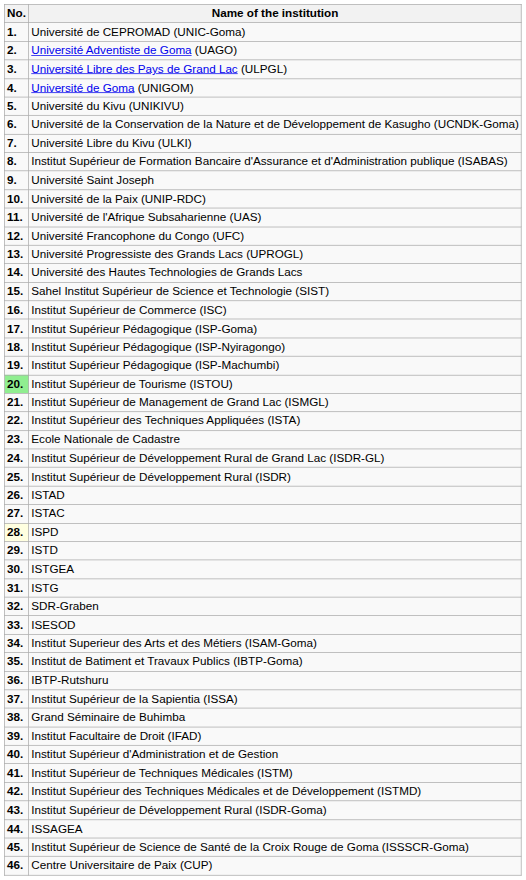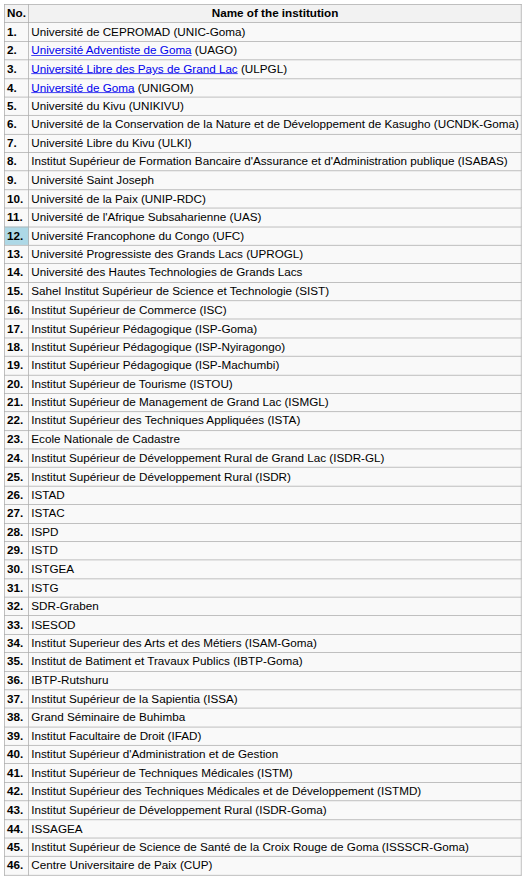 <table class="wikitable">
 <tr>
 <th>No.</th>
 <th>Name of the institution</th>
 </tr>
 <tr>
 <td><strong>1.</strong></td>
 <td>Université de CEPROMAD (UNIC-Goma)</td>
 </tr>
 <tr>
 <td><strong>2.</strong></td>
 <td><a href='#'>Université Adventiste de Goma</a> (UAGO)</td>
 </tr>
 <tr>
 <td><strong>3.</strong></td>
 <td><a href='#'>Université Libre des Pays de Grand Lac</a> (ULPGL)</td>
 </tr>
 <tr>
 <td><strong>4.</strong></td>
 <td><a href='#'>Université de Goma</a> (UNIGOM)</td>
 </tr>
 <tr>
 <td><strong>5.</strong></td>
 <td>Université du Kivu (UNIKIVU)</td>
 </tr>
 <tr>
 <td><strong>6.</strong></td>
 <td>Université de la Conservation de la Nature et de Développement de Kasugho (UCNDK-Goma)</td>
 </tr>
 <tr>
 <td><strong>7.</strong></td>
 <td>Université Libre du Kivu (ULKI)</td>
 </tr>
 <tr>
 <td><strong>8.</strong></td>
 <td>Institut Supérieur de Formation Bancaire d'Assurance et d'Administration publique (ISABAS)</td>
 </tr>
 <tr>
 <td><strong>9.</strong></td>
 <td>Université Saint Joseph</td>
 </tr>
 <tr>
 <td><strong>10.</strong></td>
 <td>Université de la Paix (UNIP-RDC)</td>
 </tr>
 <tr>
 <td><strong>11.</strong></td>
 <td>Université de l'Afrique Subsaharienne (UAS)</td>
 </tr>
 <tr>
-<td><strong>12.</strong></td>
+<td style="background: lightblue;"><strong>12.</strong></td>
 <td>Université Francophone du Congo (UFC)</td>
 </tr>
 <tr>
 <td><strong>13.</strong></td>
 <td>Université Progressiste des Grands Lacs (UPROGL)</td>
 </tr>
 <tr>
 <td><strong>14.</strong></td>
 <td>Université des Hautes Technologies de Grands Lacs</td>
 </tr>
 <tr>
 <td><strong>15.</strong></td>
 <td>Sahel Institut Supérieur de Science et Technologie (SIST)</td>
 </tr>
 <tr>
 <td><strong>16.</strong></td>
 <td>Institut Supérieur de Commerce (ISC)</td>
 </tr>
 <tr>
 <td><strong>17.</strong></td>
 <td>Institut Supérieur Pédagogique (ISP-Goma)</td>
 </tr>
 <tr>
 <td><strong>18.</strong></td>
 <td>Institut Supérieur Pédagogique (ISP-Nyiragongo)</td>
 </tr>
 <tr>
 <td><strong>19.</strong></td>
 <td>Institut Supérieur Pédagogique (ISP-Machumbi)</td>
 </tr>
 <tr>
-<td style="background: lightgreen;"><strong>20.</strong></td>
+<td><strong>20.</strong></td>
 <td>Institut Supérieur de Tourisme (ISTOU)</td>
 </tr>
 <tr>
 <td><strong>21.</strong></td>
 <td>Institut Supérieur de Management de Grand Lac (ISMGL)</td>
 </tr>
 <tr>
 <td><strong>22.</strong></td>
 <td>Institut Supérieur des Techniques Appliquées (ISTA)</td>
 </tr>
 <tr>
 <td><strong>23.</strong></td>
 <td>Ecole Nationale de Cadastre</td>
 </tr>
 <tr>
 <td><strong>24.</strong></td>
 <td>Institut Supérieur de Développement Rural de Grand Lac (ISDR-GL)</td>
 </tr>
 <tr>
 <td><strong>25.</strong></td>
 <td>Institut Supérieur de Développement Rural (ISDR)</td>
 </tr>
 <tr>
 <td><strong>26.</strong></td>
 <td>ISTAD</td>
 </tr>
 <tr>
 <td><strong>27.</strong></td>
 <td>ISTAC</td>
 </tr>
 <tr>
-<td style="background: lightyellow;"><strong>28.</strong></td>
+<td><strong>28.</strong></td>
 <td>ISPD</td>
 </tr>
 <tr>
 <td><strong>29.</strong></td>
 <td>ISTD</td>
 </tr>
 <tr>
 <td><strong>30.</strong></td>
 <td>ISTGEA</td>
 </tr>
 <tr>
 <td><strong>31.</strong></td>
 <td>ISTG</td>
 </tr>
 <tr>
 <td><strong>32.</strong></td>
 <td>SDR-Graben</td>
 </tr>
 <tr>
 <td><strong>33.</strong></td>
 <td>ISESOD</td>
 </tr>
 <tr>
 <td><strong>34.</strong></td>
 <td>Institut Superieur des Arts et des Métiers (ISAM-Goma)</td>
 </tr>
 <tr>
 <td><strong>35.</strong></td>
 <td>Institut de Batiment et Travaux Publics (IBTP-Goma)</td>
 </tr>
 <tr>
 <td><strong>36.</strong></td>
 <td>IBTP-Rutshuru</td>
 </tr>
 <tr>
 <td><strong>37.</strong></td>
 <td>Institut Supérieur de la Sapientia (ISSA)</td>
 </tr>
 <tr>
 <td><strong>38.</strong></td>
 <td>Grand Séminaire de Buhimba</td>
 </tr>
 <tr>
 <td><strong>39.</strong></td>
 <td>Institut Facultaire de Droit (IFAD)</td>
 </tr>
 <tr>
 <td><strong>40.</strong></td>
 <td>Institut Supérieur d'Administration et de Gestion</td>
 </tr>
 <tr>
 <td><strong>41.</strong></td>
 <td>Institut Supérieur de Techniques Médicales (ISTM)</td>
 </tr>
 <tr>
 <td><strong>42.</strong></td>
 <td>Institut Supérieur des Techniques Médicales et de Développement (ISTMD)</td>
 </tr>
 <tr>
 <td><strong>43.</strong></td>
 <td>Institut Supérieur de Développement Rural (ISDR-Goma)</td>
 </tr>
 <tr>
 <td><strong>44.</strong></td>
 <td>ISSAGEA</td>
 </tr>
 <tr>
 <td><strong>45.</strong></td>
 <td>Institut Supérieur de Science de Santé de la Croix Rouge de Goma (ISSSCR-Goma)</td>
 </tr>
 <tr>
 <td><strong>46.</strong></td>
 <td>Centre Universitaire de Paix (CUP)</td>
 </tr>
 </table>
